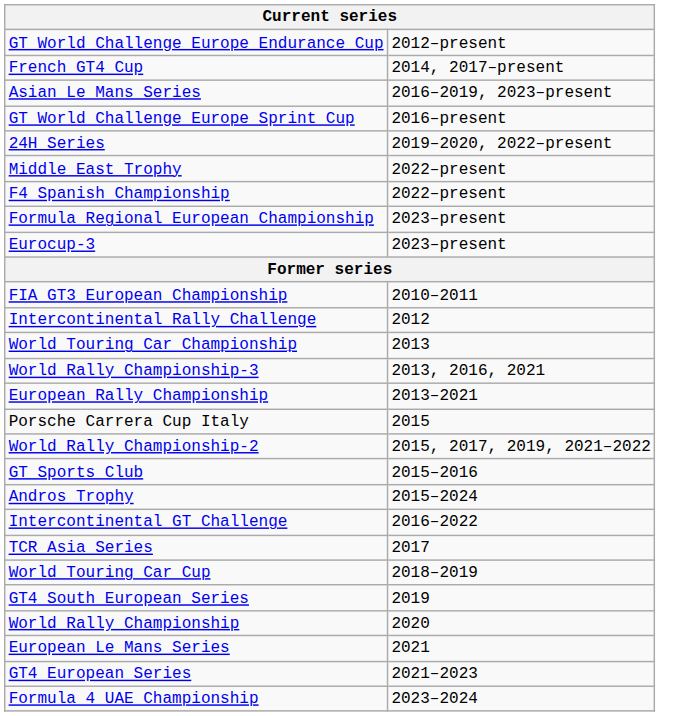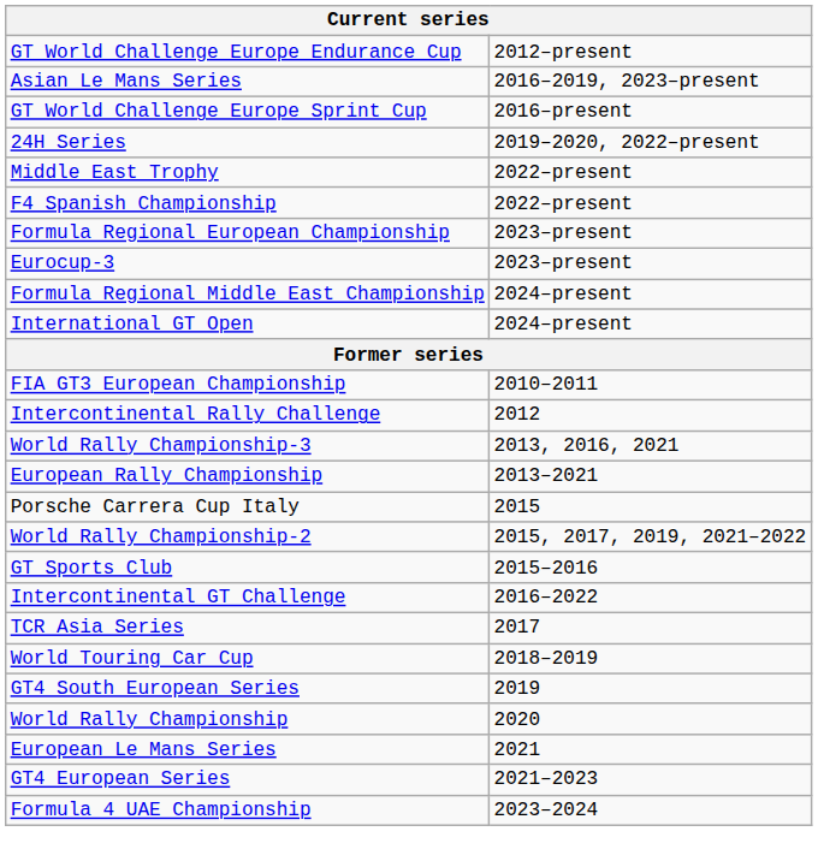 <table class="wikitable" style="font-size: 85%;">
 <tr>
 <th colspan="2">Current series</th>
 </tr>
 <tr>
 <td><a href='#'>GT World Challenge Europe Endurance Cup</a></td>
 <td>2012–present</td>
-</tr>
-<tr>
-<td><a href='#'>French GT4 Cup</a></td>
-<td>2014, 2017–present</td>
 </tr>
 <tr>
 <td><a href='#'>Asian Le Mans Series</a></td>
 <td>2016–2019, 2023–present</td>
 </tr>
 <tr>
 <td><a href='#'>GT World Challenge Europe Sprint Cup</a></td>
 <td>2016–present</td>
 </tr>
 <tr>
 <td><a href='#'>24H Series</a></td>
 <td>2019–2020, 2022–present</td>
 </tr>
 <tr>
 <td><a href='#'>Middle East Trophy</a></td>
 <td>2022–present</td>
 </tr>
 <tr>
 <td><a href='#'>F4 Spanish Championship</a></td>
 <td>2022–present</td>
 </tr>
 <tr>
 <td><a href='#'>Formula Regional European Championship</a></td>
 <td>2023–present</td>
 </tr>
 <tr>
 <td><a href='#'>Eurocup-3</a></td>
 <td>2023–present</td>
 </tr>
 <tr>
+<td><a href='#'>Formula Regional Middle East Championship</a></td>
+<td>2024–present</td>
+</tr>
+<tr>
+<td><a href='#'>International GT Open</a></td>
+<td>2024–present</td>
+</tr>
+<tr>
 <th colspan="2">Former series</th>
 </tr>
 <tr>
 <td><a href='#'>FIA GT3 European Championship</a></td>
 <td>2010–2011</td>
 </tr>
 <tr>
 <td><a href='#'>Intercontinental Rally Challenge</a></td>
 <td>2012</td>
-</tr>
-<tr>
-<td><a href='#'>World Touring Car Championship</a></td>
-<td>2013</td>
 </tr>
 <tr>
 <td><a href='#'>World Rally Championship-3</a></td>
 <td>2013, 2016, 2021</td>
 </tr>
 <tr>
 <td><a href='#'>European Rally Championship</a></td>
 <td>2013–2021</td>
 </tr>
 <tr>
 <td>Porsche Carrera Cup Italy</td>
 <td>2015</td>
 </tr>
 <tr>
 <td><a href='#'>World Rally Championship-2</a></td>
 <td>2015, 2017, 2019, 2021–2022</td>
 </tr>
 <tr>
 <td><a href='#'>GT Sports Club</a></td>
 <td>2015–2016</td>
-</tr>
-<tr>
-<td><a href='#'>Andros Trophy</a></td>
-<td>2015–2024</td>
 </tr>
 <tr>
 <td><a href='#'>Intercontinental GT Challenge</a></td>
 <td>2016–2022</td>
 </tr>
 <tr>
 <td><a href='#'>TCR Asia Series</a></td>
 <td>2017</td>
 </tr>
 <tr>
 <td><a href='#'>World Touring Car Cup</a></td>
 <td>2018–2019</td>
 </tr>
 <tr>
 <td><a href='#'>GT4 South European Series</a></td>
 <td>2019</td>
 </tr>
 <tr>
 <td><a href='#'>World Rally Championship</a></td>
 <td>2020</td>
 </tr>
 <tr>
 <td><a href='#'>European Le Mans Series</a></td>
 <td>2021</td>
 </tr>
 <tr>
 <td><a href='#'>GT4 European Series</a></td>
 <td>2021–2023</td>
 </tr>
 <tr>
 <td><a href='#'>Formula 4 UAE Championship</a></td>
 <td>2023–2024</td>
 </tr>
 </table>
